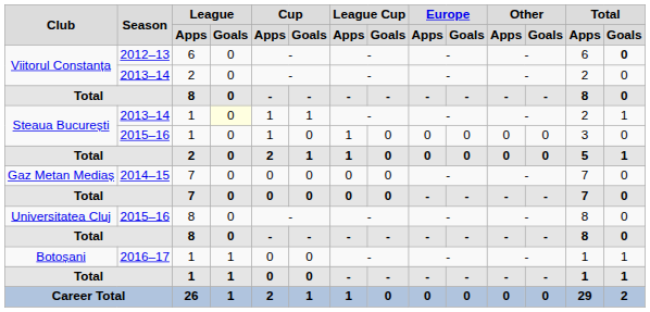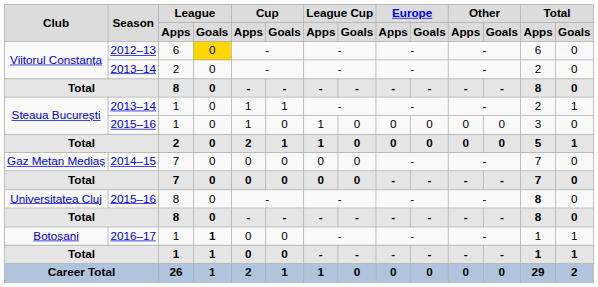 <table class="wikitable" style="text-align: center;">
 <tr>
 <th style="background: #DCDCDC; text-align: center" rowspan="2"><strong>Club</strong></th>
 <th style="background: #DCDCDC; text-align: center" rowspan="2"><strong>Season</strong></th>
 <th style="background: #DCDCDC; text-align: center" colspan="2"><strong>League</strong></th>
 <th style="background: #DCDCDC; text-align: center" colspan="2"><strong>Cup</strong></th>
 <th style="background: #DCDCDC; text-align: center" colspan="2"><strong>League Cup</strong></th>
 <th style="background: #DCDCDC; text-align: center" colspan="2"><a href='#'>Europe</a></th>
 <th style="background: #DCDCDC; text-align: center" colspan="2"><strong>Other</strong></th>
 <th style="background: #DCDCDC; text-align: center" colspan="3"><strong>Total</strong></th>
 </tr>
 <tr>
 <th style="background:#dcdcdc; text-align:center;">Apps</th>
 <th style="background:#dcdcdc; text-align:center;">Goals</th>
 <th style="background:#dcdcdc; text-align:center;">Apps</th>
 <th style="background:#dcdcdc; text-align:center;">Goals</th>
 <th style="background:#dcdcdc; text-align:center;">Apps</th>
 <th style="background:#dcdcdc; text-align:center;">Goals</th>
 <th style="background:#dcdcdc; text-align:center;">Apps</th>
 <th style="background:#dcdcdc; text-align:center;">Goals</th>
 <th style="background:#dcdcdc; text-align:center;">Apps</th>
 <th style="background:#dcdcdc; text-align:center;">Goals</th>
 <th style="background:#dcdcdc; text-align:center;">Apps</th>
 <th style="background:#dcdcdc; text-align:center;">Goals</th>
 </tr>
 <tr>
 <td rowspan="2"><a href='#'>Viitorul Constanța</a></td>
 <td><a href='#'>2012–13</a></td>
 <td>6</td>
-<td>0</td>
+<td style="background: gold;">0</td>
 <td rowspan=1 colspan="2">-</td>
 <td rowspan=1 colspan="2">-</td>
 <td rowspan=1 colspan="2">-</td>
 <td rowspan=1 colspan="2">-</td>
 <td>6</td>
-<td><strong>0</strong></td>
+<td>0</td>
 </tr>
 <tr>
 <td><a href='#'>2013–14</a></td>
 <td>2</td>
 <td>0</td>
 <td rowspan=1 colspan="2">-</td>
 <td rowspan=1 colspan="2">-</td>
 <td rowspan=1 colspan="2">-</td>
 <td rowspan=1 colspan="2">-</td>
 <td>2</td>
 <td>0</td>
 </tr>
 <tr>
 <th style="background: #E5E5E5; text-align: center" colspan="2">Total</th>
 <th style="background:#e5e5e5; text-align:center;">8</th>
 <th style="background:#e5e5e5; text-align:center;">0</th>
 <th style="background:#e5e5e5; text-align:center;">-</th>
 <th style="background:#e5e5e5; text-align:center;">-</th>
 <th style="background:#e5e5e5; text-align:center;">-</th>
 <th style="background:#e5e5e5; text-align:center;">-</th>
 <th style="background:#e5e5e5; text-align:center;">-</th>
 <th style="background:#e5e5e5; text-align:center;">-</th>
 <th style="background:#e5e5e5; text-align:center;">-</th>
 <th style="background:#e5e5e5; text-align:center;">-</th>
 <th style="background:#e5e5e5; text-align:center;">8</th>
 <th style="background:#e5e5e5; text-align:center;">0</th>
 </tr>
 <tr>
 <td rowspan="2"><a href='#'>Steaua București</a></td>
 <td><a href='#'>2013–14</a></td>
 <td>1</td>
-<td style="background: lightyellow;">0</td>
+<td>0</td>
 <td>1</td>
 <td>1</td>
 <td rowspan=1 colspan="2">-</td>
 <td rowspan=1 colspan="2">-</td>
 <td rowspan=1 colspan="2">-</td>
 <td>2</td>
 <td>1</td>
 </tr>
 <tr>
 <td><a href='#'>2015–16</a></td>
 <td>1</td>
 <td>0</td>
 <td>1</td>
 <td>0</td>
 <td>1</td>
 <td>0</td>
 <td>0</td>
 <td>0</td>
 <td>0</td>
 <td>0</td>
 <td>3</td>
 <td>0</td>
 </tr>
 <tr>
 <th style="background: #E5E5E5; text-align: center" colspan="2">Total</th>
 <th style="background:#e5e5e5; text-align:center;">2</th>
 <th style="background:#e5e5e5; text-align:center;">0</th>
 <th style="background:#e5e5e5; text-align:center;">2</th>
 <th style="background:#e5e5e5; text-align:center;">1</th>
 <th style="background:#e5e5e5; text-align:center;">1</th>
 <th style="background:#e5e5e5; text-align:center;">0</th>
 <th style="background:#e5e5e5; text-align:center;">0</th>
 <th style="background:#e5e5e5; text-align:center;">0</th>
 <th style="background:#e5e5e5; text-align:center;">0</th>
 <th style="background:#e5e5e5; text-align:center;">0</th>
 <th style="background:#e5e5e5; text-align:center;">5</th>
 <th style="background:#e5e5e5; text-align:center;">1</th>
 </tr>
 <tr>
 <td rowspan="1"><a href='#'>Gaz Metan Mediaș</a></td>
 <td><a href='#'>2014–15</a></td>
 <td>7</td>
 <td>0</td>
 <td>0</td>
 <td>0</td>
 <td>0</td>
 <td>0</td>
 <td rowspan=1 colspan="2">-</td>
 <td rowspan=1 colspan="2">-</td>
 <td>7</td>
 <td>0</td>
 </tr>
 <tr>
 <th style="background: #E5E5E5; text-align: center" colspan="2">Total</th>
 <th style="background:#e5e5e5; text-align:center;">7</th>
 <th style="background:#e5e5e5; text-align:center;">0</th>
 <th style="background:#e5e5e5; text-align:center;">0</th>
 <th style="background:#e5e5e5; text-align:center;">0</th>
 <th style="background:#e5e5e5; text-align:center;">0</th>
 <th style="background:#e5e5e5; text-align:center;">0</th>
 <th style="background:#e5e5e5; text-align:center;">-</th>
 <th style="background:#e5e5e5; text-align:center;">-</th>
 <th style="background:#e5e5e5; text-align:center;">-</th>
 <th style="background:#e5e5e5; text-align:center;">-</th>
 <th style="background:#e5e5e5; text-align:center;">7</th>
 <th style="background:#e5e5e5; text-align:center;">0</th>
 </tr>
 <tr>
 <td rowspan="1"><a href='#'>Universitatea Cluj</a></td>
 <td><a href='#'>2015–16</a></td>
 <td>8</td>
 <td>0</td>
 <td rowspan=1 colspan="2">-</td>
 <td rowspan=1 colspan="2">-</td>
 <td rowspan=1 colspan="2">-</td>
 <td rowspan=1 colspan="2">-</td>
-<td>8</td>
+<td><strong>8</strong></td>
 <td>0</td>
 </tr>
 <tr>
 <th style="background: #E5E5E5; text-align: center" colspan="2">Total</th>
 <th style="background:#e5e5e5; text-align:center;">8</th>
 <th style="background:#e5e5e5; text-align:center;">0</th>
 <th style="background:#e5e5e5; text-align:center;">-</th>
 <th style="background:#e5e5e5; text-align:center;">-</th>
 <th style="background:#e5e5e5; text-align:center;">-</th>
 <th style="background:#e5e5e5; text-align:center;">-</th>
 <th style="background:#e5e5e5; text-align:center;">-</th>
 <th style="background:#e5e5e5; text-align:center;">-</th>
 <th style="background:#e5e5e5; text-align:center;">-</th>
 <th style="background:#e5e5e5; text-align:center;">-</th>
 <th style="background:#e5e5e5; text-align:center;">8</th>
 <th style="background:#e5e5e5; text-align:center;">0</th>
 </tr>
 <tr>
 <td rowspan="1"><a href='#'>Botoșani</a></td>
 <td><a href='#'>2016–17</a></td>
 <td>1</td>
-<td>1</td>
+<td><strong>1</strong></td>
 <td>0</td>
 <td>0</td>
 <td rowspan=1 colspan="2">-</td>
 <td rowspan=1 colspan="2">-</td>
 <td rowspan=1 colspan="2">-</td>
 <td>1</td>
 <td>1</td>
 </tr>
 <tr>
 <th style="background: #E5E5E5; text-align: center" colspan="2">Total</th>
 <th style="background:#e5e5e5; text-align:center;">1</th>
 <th style="background:#e5e5e5; text-align:center;">1</th>
 <th style="background:#e5e5e5; text-align:center;">0</th>
 <th style="background:#e5e5e5; text-align:center;">0</th>
 <th style="background:#e5e5e5; text-align:center;">-</th>
 <th style="background:#e5e5e5; text-align:center;">-</th>
 <th style="background:#e5e5e5; text-align:center;">-</th>
 <th style="background:#e5e5e5; text-align:center;">-</th>
 <th style="background:#e5e5e5; text-align:center;">-</th>
 <th style="background:#e5e5e5; text-align:center;">-</th>
 <th style="background:#e5e5e5; text-align:center;">1</th>
 <th style="background:#e5e5e5; text-align:center;">1</th>
 </tr>
 <tr>
 <th style="background: #b0c4de; text-align: center" colspan="2"><strong>Career Total</strong></th>
 <th style="background:#b0c4de; text-align:center;">26</th>
 <th style="background:#b0c4de; text-align:center;">1</th>
 <th style="background:#b0c4de; text-align:center;">2</th>
 <th style="background:#b0c4de; text-align:center;">1</th>
 <th style="background:#b0c4de; text-align:center;">1</th>
 <th style="background:#b0c4de; text-align:center;">0</th>
 <th style="background:#b0c4de; text-align:center;">0</th>
 <th style="background:#b0c4de; text-align:center;">0</th>
 <th style="background:#b0c4de; text-align:center;">0</th>
 <th style="background:#b0c4de; text-align:center;">0</th>
 <th style="background:#b0c4de; text-align:center;">29</th>
 <th style="background:#b0c4de; text-align:center;">2</th>
 </tr>
 </table>
